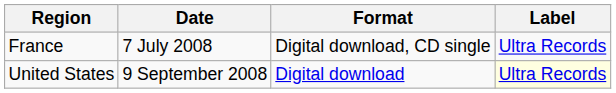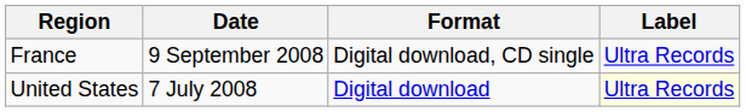 <table class=wikitable>
 <tr>
 <th>Region</th>
 <th>Date</th>
 <th>Format</th>
 <th>Label</th>
 </tr>
 <tr>
 <td>France</td>
-<td>7 July 2008</td>
+<td>9 September 2008</td>
 <td>Digital download, CD single</td>
 <td><a href='#'>Ultra Records</a></td>
 </tr>
 <tr>
 <td>United States</td>
-<td>9 September 2008</td>
+<td>7 July 2008</td>
 <td rowspan="15"><a href='#'>Digital download</a></td>
 <td style="background: lightyellow;"><a href='#'>Ultra Records</a></td>
 </tr>
 </table>
